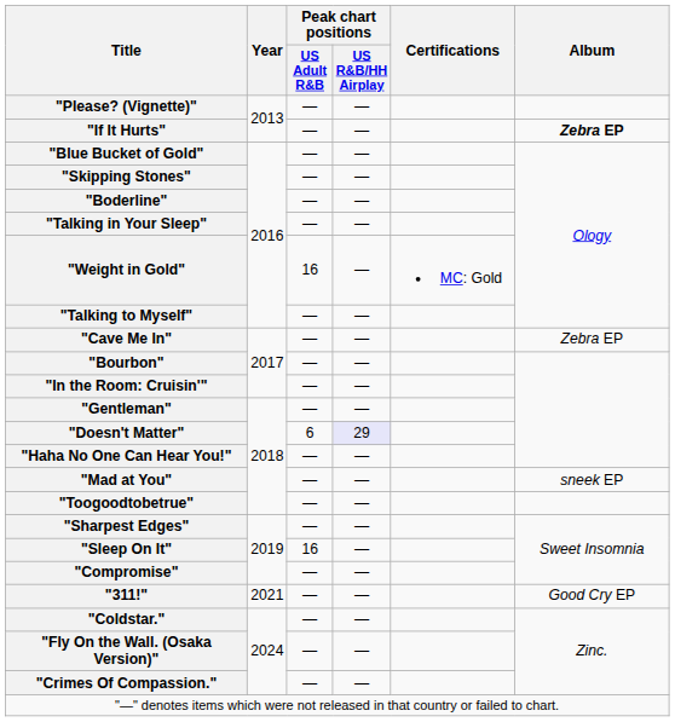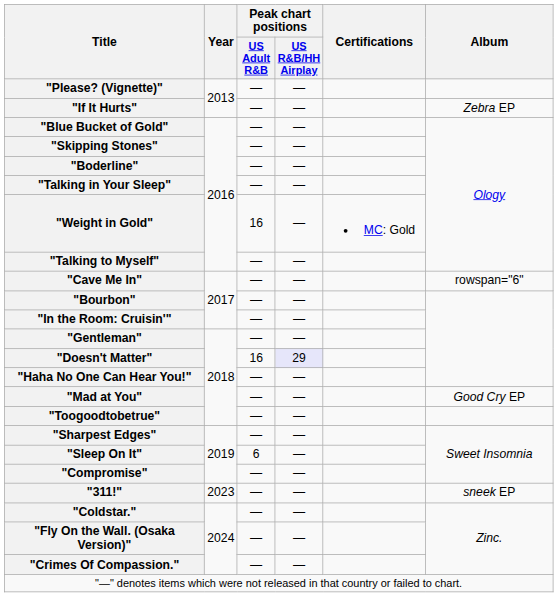 <table class="wikitable plainrowheaders" style="text-align:center;">
 <tr>
 <th scope="col" rowspan="2" style="width:16em;">Title</th>
 <th scope="col" rowspan="2" style="width:1em;">Year</th>
 <th scope="col" colspan="2">Peak chart positions</th>
 <th scope="col" rowspan="2" style="width:8em;">Certifications</th>
 <th scope="col" rowspan="2" style="width:10em;">Album</th>
 </tr>
 <tr>
 <th scope="col" style="width:3em;font-size:90%;"><a href='#'>US<br>Adult<br>R&B</a><br></th>
 <th scope="col" style="width:3em;font-size:90%;"><a href='#'>US<br>R&B/HH<br>Airplay</a><br></th>
 </tr>
 <tr>
 <th scope="row">"Please? (Vignette)"</th>
 <td rowspan="2">2013</td>
 <td>—</td>
 <td>—</td>
 <td></td>
 <td></td>
 </tr>
 <tr>
 <th scope="row">"If It Hurts"</th>
 <td>—</td>
 <td>—</td>
 <td></td>
-<td><strong><em>Zebra</em> EP</strong></td>
+<td><em>Zebra</em> EP</td>
 </tr>
 <tr>
 <th scope="row">"Blue Bucket of Gold"<br></th>
 <td rowspan="6">2016</td>
 <td>—</td>
 <td>—</td>
 <td></td>
 <td rowspan="6"><em><a href='#'>Ology</a></em></td>
 </tr>
 <tr>
 <th scope="row">"Skipping Stones"<br></th>
 <td>—</td>
 <td>—</td>
 </tr>
 <tr>
 <th scope="row">"Boderline"</th>
 <td>—</td>
 <td>—</td>
 <td></td>
 </tr>
 <tr>
 <th scope="row">"Talking in Your Sleep"</th>
 <td>—</td>
 <td>—</td>
 <td></td>
 </tr>
 <tr>
 <th scope="row">"Weight in Gold"<br></th>
 <td>16</td>
 <td>—</td>
 <td><br><ul><li><a href='#'>MC</a>: Gold</li></ul></td>
 </tr>
 <tr>
 <th scope="row">"Talking to Myself"</th>
 <td>—</td>
 <td>—</td>
 <td></td>
 </tr>
 <tr>
 <th scope="row">"Cave Me In"<br></th>
 <td rowspan="3">2017</td>
 <td>—</td>
 <td>—</td>
 <td></td>
-<td><em>Zebra</em> EP</td>
+<td>rowspan="6" </td>
 </tr>
 <tr>
 <th scope="row">"Bourbon"<br></th>
 <td>—</td>
 <td>—</td>
 <td></td>
 </tr>
 <tr>
 <th scope="row">"In the Room: Cruisin'"<br></th>
 <td>—</td>
 <td>—</td>
 <td></td>
 </tr>
 <tr>
 <th scope="row">"Gentleman"</th>
 <td rowspan="5">2018</td>
 <td>—</td>
 <td>—</td>
 <td></td>
 </tr>
 <tr>
 <th scope="row">"Doesn't Matter"</th>
-<td>6</td>
+<td>16</td>
 <td style="background: lavender;">29</td>
 <td></td>
 </tr>
 <tr>
 <th scope="row">"Haha No One Can Hear You!"</th>
 <td>—</td>
 <td>—</td>
 <td></td>
 </tr>
 <tr>
 <th scope="row">"Mad at You"<br></th>
 <td>—</td>
 <td>—</td>
 <td></td>
-<td><em>sneek</em> EP</td>
+<td><em>Good Cry</em> EP</td>
 </tr>
 <tr>
 <th scope="row">"Toogoodtobetrue"<br></th>
 <td>—</td>
 <td>—</td>
 <td></td>
 <td></td>
 </tr>
 <tr>
 <th scope="row">"Sharpest Edges"</th>
 <td rowspan="3">2019</td>
 <td>—</td>
 <td>—</td>
 <td></td>
 <td rowspan="3"><em>Sweet Insomnia</em></td>
 </tr>
 <tr>
 <th scope="row">"Sleep On It"</th>
-<td>16</td>
+<td>6</td>
 <td>—</td>
 <td></td>
 </tr>
 <tr>
 <th scope="row">"Compromise"<br></th>
 <td>—</td>
 <td>—</td>
 <td></td>
 </tr>
 <tr>
 <th scope="row">"311!"<br></th>
-<td>2021</td>
+<td>2023</td>
 <td>—</td>
 <td>—</td>
 <td></td>
-<td><em>Good Cry</em> EP</td>
+<td><em>sneek</em> EP</td>
 </tr>
 <tr>
 <th scope= "row">"Coldstar."</th>
 <td rowspan="3">2024</td>
 <td>—</td>
 <td>—</td>
 <td></td>
 <td rowspan="3"><em>Zinc.</em></td>
 </tr>
 <tr>
 <th scope= "row">"Fly On the Wall. (Osaka Version)"</th>
 <td>—</td>
 <td>—</td>
 <td></td>
 </tr>
 <tr>
 <th scope= "row">"Crimes Of Compassion."</th>
 <td>—</td>
 <td>—</td>
 <td></td>
 </tr>
 <tr>
 <td colspan="13" style="font-size:90%;">"—" denotes items which were not released in that country or failed to chart.</td>
 </tr>
 </table>
